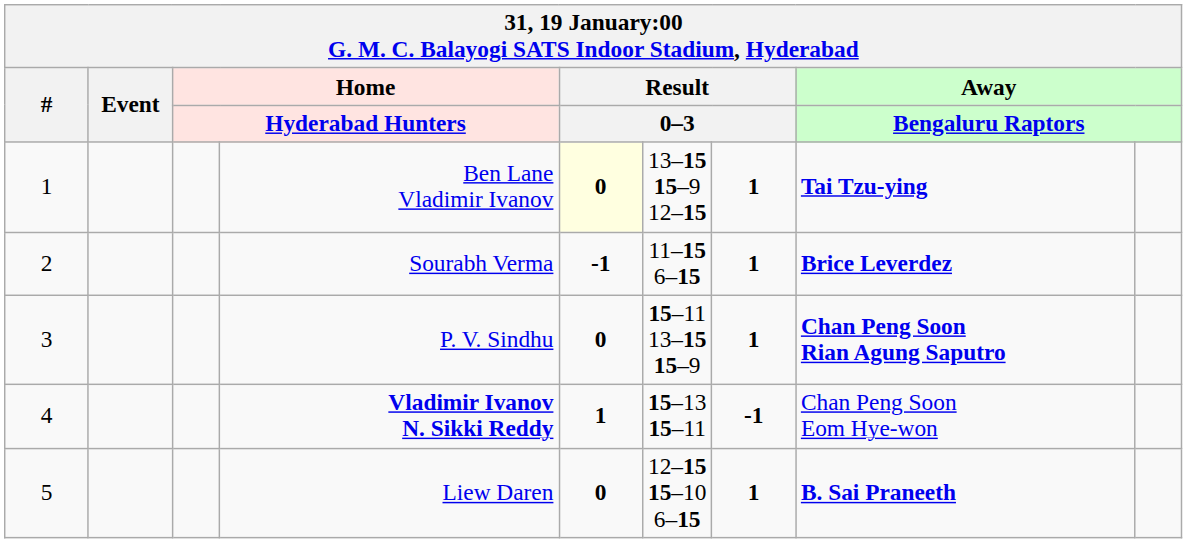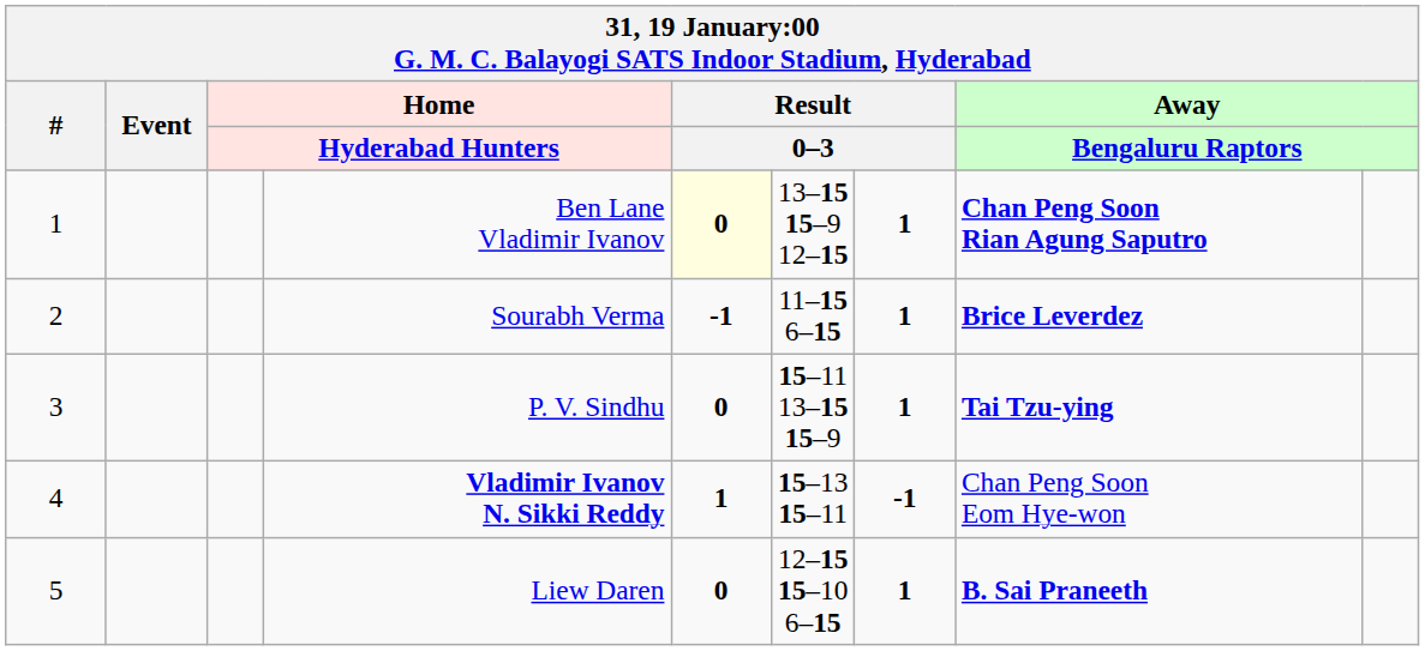 <table class="wikitable">
 <tr>
 <th colspan="9">31, 19 January:00<br><a href='#'>G. M. C. Balayogi SATS Indoor Stadium</a>, <a href='#'>Hyderabad</a></th>
 </tr>
 <tr>
 <th rowspan="2" width="50">#</th>
 <th rowspan="2" width="50">Event</th>
 <th colspan="2" width="250" style="background-color:#ffe4e1">Home</th>
 <th colspan="3" width="150">Result</th>
 <th colspan="2" width="250" style="background-color:#ccffcc">Away</th>
 </tr>
 <tr>
 <th colspan="2" style="background-color:#ffe4e1"><a href='#'>Hyderabad Hunters</a></th>
 <th colspan="3">0–3</th>
 <th colspan="2" style="background-color:#ccffcc"><a href='#'>Bengaluru Raptors</a></th>
 </tr>
 <tr>
 <td align="center">1</td>
 <td align="center"></td>
 <td align="center" width="25"></td>
 <td align="right" width="225"><a href='#'>Ben Lane</a> <br><a href='#'>Vladimir Ivanov</a> </td>
 <td align="center" width="50" style="background: lightyellow;"><strong>0</strong></td>
 <td align="center">13–<strong>15</strong><br><strong>15</strong>–9<br>12–<strong>15</strong></td>
 <td align="center" width="50"><strong>1</strong></td>
-<td align="left"><strong> <a href='#'>Tai Tzu-ying</a></strong></td>
+<td align="left" width="225"><strong> <a href='#'>Chan Peng Soon</a><br> <a href='#'>Rian Agung Saputro</a></strong></td>
 <td align="center" width="25"></td>
 </tr>
 <tr>
 <td align="center">2</td>
 <td align="center"></td>
 <td align="center"></td>
 <td align="right"><a href='#'>Sourabh Verma</a> </td>
 <td align="center"><strong>-1</strong></td>
 <td align="center">11–<strong>15</strong><br>6–<strong>15</strong></td>
 <td align="center"><strong>1</strong></td>
 <td align="left"><strong> <a href='#'>Brice Leverdez</a></strong></td>
 <td align="center"></td>
 </tr>
 <tr>
 <td align="center">3</td>
 <td align="center"></td>
 <td align="center"></td>
 <td align="right"><a href='#'>P. V. Sindhu</a> </td>
 <td align="center"><strong>0</strong></td>
 <td align="center"><strong>15</strong>–11<br>13–<strong>15</strong><br><strong>15</strong>–9</td>
 <td align="center"><strong>1</strong></td>
-<td align="left" width="225"><strong> <a href='#'>Chan Peng Soon</a><br> <a href='#'>Rian Agung Saputro</a></strong></td>
+<td align="left"><strong> <a href='#'>Tai Tzu-ying</a></strong></td>
 <td align="center"></td>
 </tr>
 <tr>
 <td align="center">4</td>
 <td align="center"></td>
 <td align="center"></td>
 <td align="right"><strong><a href='#'>Vladimir Ivanov</a> <br><a href='#'>N. Sikki Reddy</a> </strong></td>
 <td align="center"><strong>1</strong></td>
 <td align="center"><strong>15</strong>–13<br><strong>15</strong>–11</td>
 <td align="center"><strong>-1</strong></td>
 <td align="left"> <a href='#'>Chan Peng Soon</a><br> <a href='#'>Eom Hye-won</a></td>
 <td align="center"></td>
 </tr>
 <tr>
 <td align="center">5</td>
 <td align="center"></td>
 <td align="center"></td>
 <td align="right"><a href='#'>Liew Daren</a> </td>
 <td align="center"><strong>0</strong></td>
 <td align="center">12–<strong>15</strong><br><strong>15</strong>–10<br>6–<strong>15</strong></td>
 <td align="center"><strong>1</strong></td>
 <td align="left"><strong> <a href='#'>B. Sai Praneeth</a></strong></td>
 <td align="center"></td>
 </tr>
 </table>
